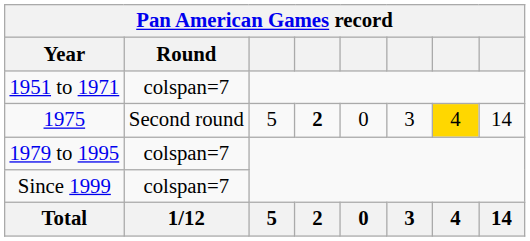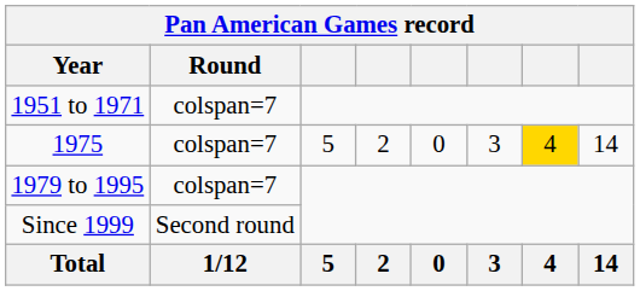 <table class="wikitable" style="text-align:center;">
 <tr>
 <th colspan="8"><a href='#'>Pan American Games</a> record</th>
 </tr>
 <tr>
 <th>Year</th>
 <th>Round</th>
 <th width=28></th>
 <th width=28></th>
 <th width=28></th>
 <th width=28></th>
 <th width=28></th>
 <th width=28></th>
 </tr>
 <tr>
 <td><a href='#'>1951</a> to <a href='#'>1971</a></td>
 <td>colspan=7 </td>
 </tr>
 <tr>
 <td><a href='#'>1975</a></td>
-<td>Second round</td>
+<td>colspan=7 </td>
 <td>5</td>
-<td><strong>2</strong></td>
+<td>2</td>
 <td>0</td>
 <td>3</td>
 <td style="background: gold;">4</td>
 <td>14</td>
 </tr>
 <tr>
 <td><a href='#'>1979</a> to <a href='#'>1995</a></td>
 <td>colspan=7 </td>
 </tr>
 <tr>
 <td>Since <a href='#'>1999</a></td>
-<td>colspan=7 </td>
+<td>Second round</td>
 </tr>
 <tr>
 <th>Total</th>
 <th>1/12</th>
 <th>5</th>
 <th>2</th>
 <th>0</th>
 <th>3</th>
 <th>4</th>
 <th>14</th>
 </tr>
 </table>
